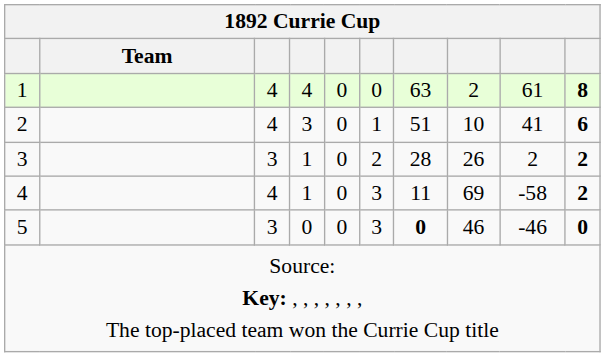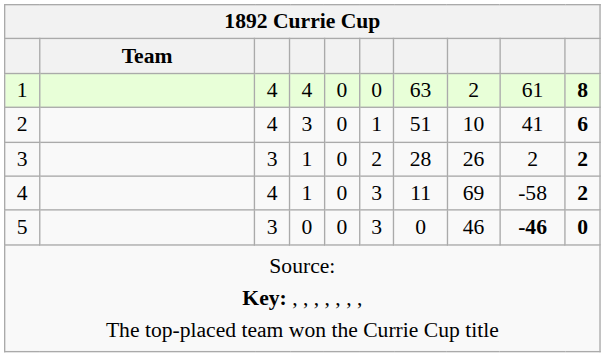 <table class="wikitable" style="min-width:50%; text-align:center">
 <tr>
 <th colspan="100%"><strong>1892 Currie Cup</strong></th>
 </tr>
 <tr>
 <th style="padding:0;"></th>
 <th style="width:9.5em;">Team</th>
 <th></th>
 <th></th>
 <th></th>
 <th></th>
 <th></th>
 <th></th>
 <th></th>
 <th><br></th>
 </tr>
 <tr style="background:#E8FFD8;">
 <td>1</td>
 <td align=left></td>
 <td>4</td>
 <td>4</td>
 <td>0</td>
 <td>0</td>
 <td>63</td>
 <td>2</td>
 <td>61</td>
 <td><strong>8</strong></td>
 </tr>
 <tr>
 <td>2</td>
 <td align=left></td>
 <td>4</td>
 <td>3</td>
 <td>0</td>
 <td>1</td>
 <td>51</td>
 <td>10</td>
 <td>41</td>
 <td><strong>6</strong></td>
 </tr>
 <tr>
 <td>3</td>
 <td align=left></td>
 <td>3</td>
 <td>1</td>
 <td>0</td>
 <td>2</td>
 <td>28</td>
 <td>26</td>
 <td>2</td>
 <td><strong>2</strong></td>
 </tr>
 <tr>
 <td>4</td>
 <td align=left></td>
 <td>4</td>
 <td>1</td>
 <td>0</td>
 <td>3</td>
 <td>11</td>
 <td>69</td>
 <td>-58</td>
 <td><strong>2</strong></td>
 </tr>
 <tr>
 <td>5</td>
 <td align></td>
 <td>3</td>
 <td>0</td>
 <td>0</td>
 <td>3</td>
-<td><strong>0</strong></td>
+<td>0</td>
 <td>46</td>
-<td>-46</td>
+<td><strong>-46</strong></td>
 <td><strong>0</strong></td>
 </tr>
 <tr>
 <td colspan="100%" style="line-height:1.5;"><div> Source: <br><strong>Key:</strong> , , , , , , , <br><span>The top-placed team</span> won the Currie Cup title </div></td>
 </tr>
 </table>
